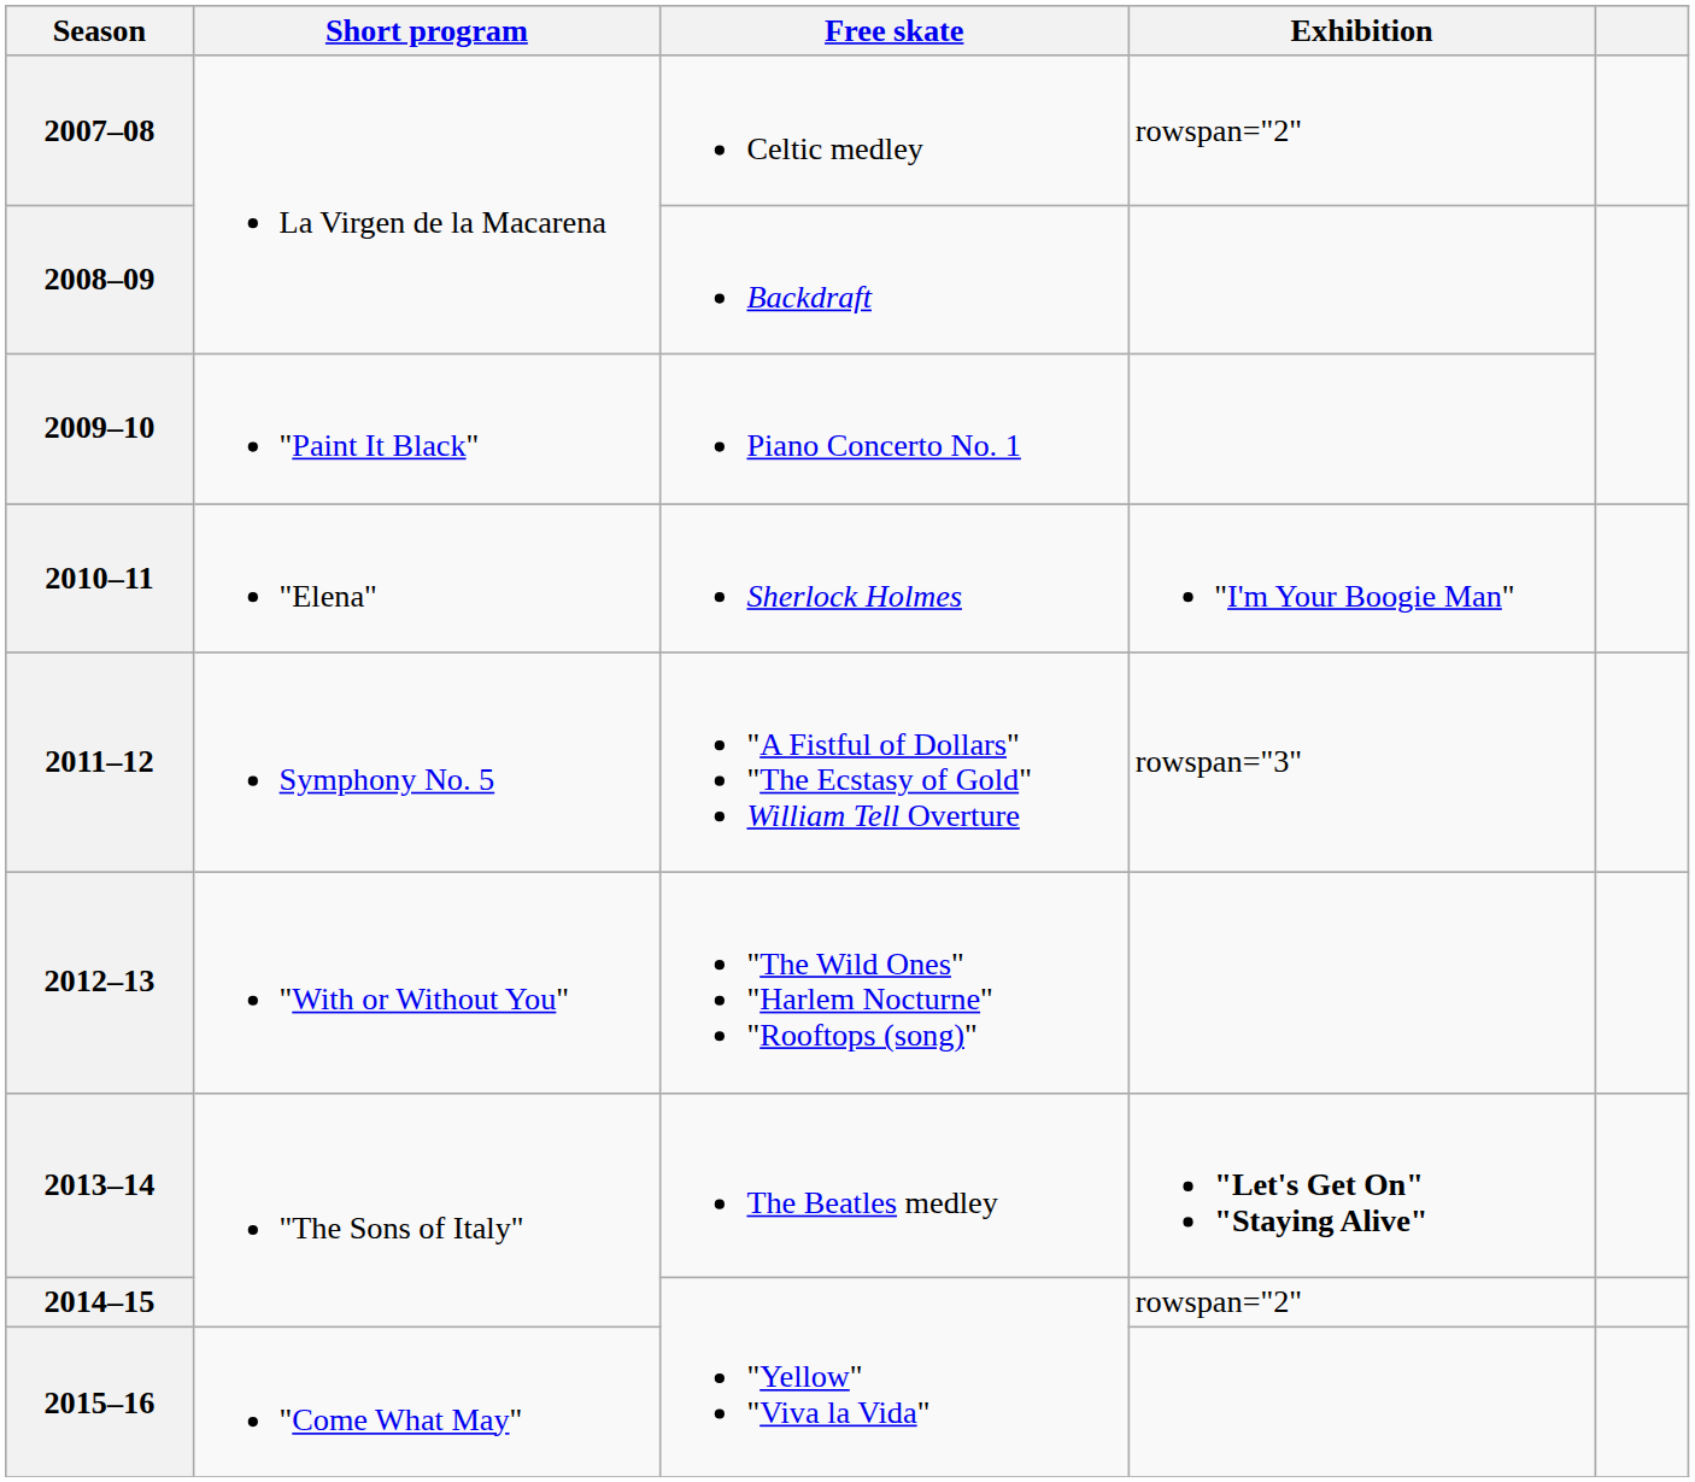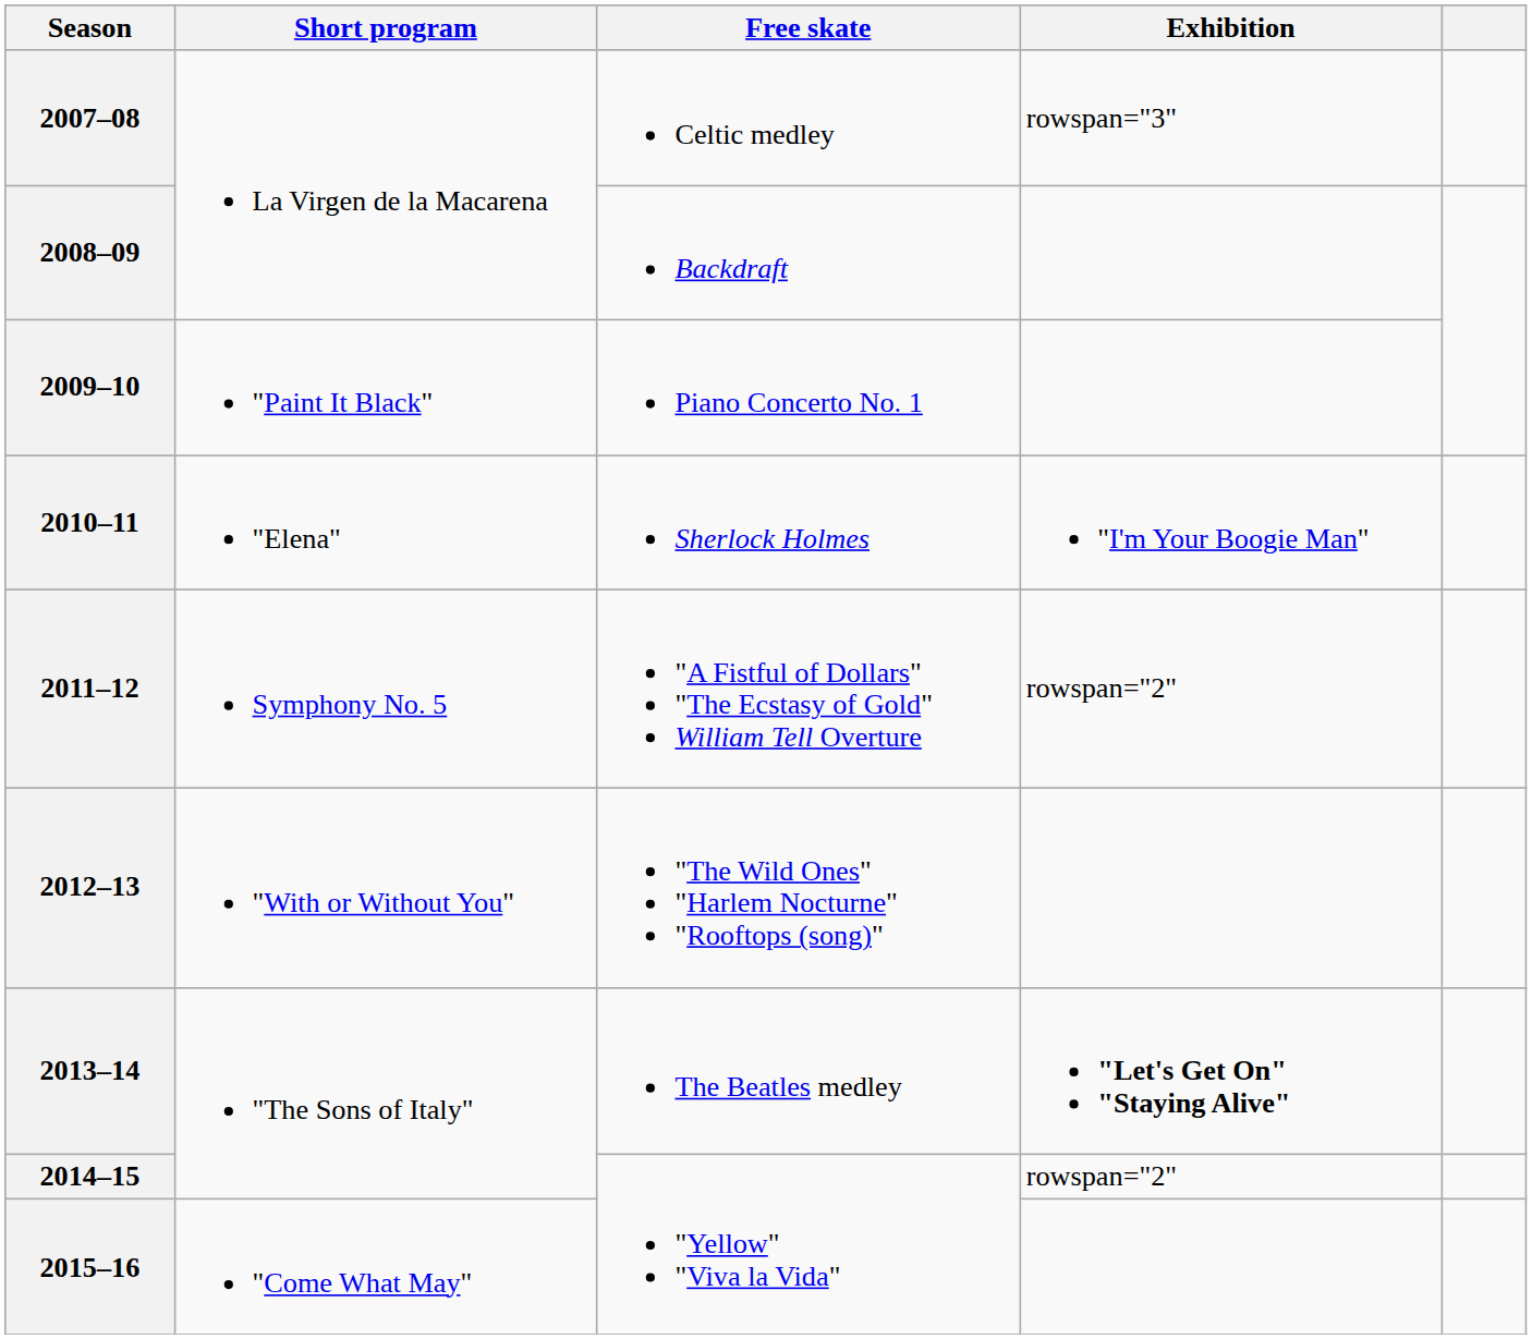 <table class="wikitable unsortable" style="text-align:left">
 <tr>
 <th scope="col" style="text-align:center; width:10%">Season</th>
 <th scope="col" style="text-align:center; width:25%"><a href='#'>Short program</a></th>
 <th scope="col" style="text-align:center; width:25%"><a href='#'>Free skate</a></th>
 <th scope="col" style="text-align:center; width:25%">Exhibition</th>
 <th scope="col" style="text-align:center; width:5%"></th>
 </tr>
 <tr>
 <th scope="row">2007–08</th>
 <td rowspan="2"><br><ul><li>La Virgen de la Macarena<br></li></ul></td>
 <td><br><ul><li>Celtic medley</li></ul></td>
-<td>rowspan="2" </td>
+<td>rowspan="3" </td>
 <td></td>
 </tr>
 <tr>
 <th scope="row">2008–09</th>
 <td><br><ul><li><em><a href='#'>Backdraft</a></em><br></li></ul></td>
 <td></td>
 </tr>
 <tr>
 <th scope="row">2009–10</th>
 <td><br><ul><li>"<a href='#'>Paint It Black</a>"<br></li></ul></td>
 <td><br><ul><li><a href='#'>Piano Concerto No. 1</a><br></li></ul></td>
 <td></td>
 </tr>
 <tr>
 <th scope="row">2010–11</th>
 <td><br><ul><li>"Elena"<br></li></ul></td>
 <td><br><ul><li><em><a href='#'>Sherlock Holmes</a></em><br></li></ul></td>
 <td><br><ul><li>"<a href='#'>I'm Your Boogie Man</a>"<br></li></ul></td>
 <td></td>
 </tr>
 <tr>
 <th scope="row">2011–12</th>
 <td><br><ul><li><a href='#'>Symphony No. 5</a><br></li></ul></td>
 <td><br><ul><li>"<a href='#'>A Fistful of Dollars</a>"</li><li>"<a href='#'>The Ecstasy of Gold</a>"<br></li><li><a href='#'><em>William Tell</em> Overture</a><br></li></ul></td>
-<td>rowspan="3" </td>
+<td>rowspan="2" </td>
 <td></td>
 </tr>
 <tr>
 <th scope="row">2012–13</th>
 <td><br><ul><li>"<a href='#'>With or Without You</a>"<br></li></ul></td>
 <td><br><ul><li>"<a href='#'>The Wild Ones</a>"</li><li>"<a href='#'>Harlem Nocturne</a>"</li><li>"<a href='#'>Rooftops (song)</a>"</li></ul></td>
 <td></td>
 </tr>
 <tr>
 <th scope="row">2013–14</th>
 <td rowspan="2"><br><ul><li>"The Sons of Italy"<br></li></ul></td>
 <td><br><ul><li><a href='#'>The Beatles</a> medley</li></ul></td>
 <td><strong><br><ul><li>"Let's Get On"</li><li>"Staying Alive"</li></ul></strong></td>
 <td></td>
 </tr>
 <tr>
 <th scope="row">2014–15</th>
 <td rowspan="2"><br><ul><li>"<a href='#'>Yellow</a>"</li><li>"<a href='#'>Viva la Vida</a>"<br></li></ul></td>
 <td>rowspan="2" </td>
 <td></td>
 </tr>
 <tr>
 <th scope="row">2015–16</th>
 <td><br><ul><li>"<a href='#'>Come What May</a>"<br></li></ul></td>
 <td></td>
 </tr>
 </table>
